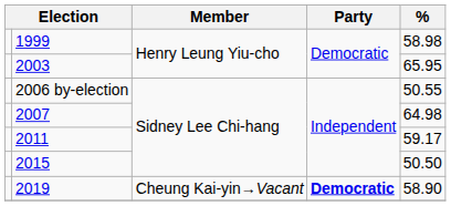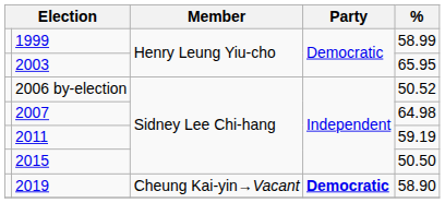 <table class="wikitable">
 <tr>
 <th colspan="2">Election</th>
 <th>Member</th>
 <th>Party</th>
 <th>%</th>
 </tr>
 <tr>
 <td style="background-color: "></td>
 <td><a href='#'>1999</a></td>
 <td rowspan=2>Henry Leung Yiu-cho</td>
 <td rowspan=2><a href='#'>Democratic</a></td>
-<td>58.98</td>
+<td>58.99</td>
 </tr>
 <tr>
 <td style="background-color: "></td>
 <td><a href='#'>2003</a></td>
 <td>65.95</td>
 </tr>
 <tr>
 <td style="background-color: "></td>
 <td>2006 by-election</td>
 <td rowspan=4>Sidney Lee Chi-hang</td>
 <td rowspan=4><a href='#'>Independent</a></td>
-<td>50.55</td>
+<td>50.52</td>
 </tr>
 <tr>
 <td style="background-color: "></td>
 <td><a href='#'>2007</a></td>
 <td>64.98</td>
 </tr>
 <tr>
 <td style="background-color: "></td>
 <td><a href='#'>2011</a></td>
-<td>59.17</td>
+<td>59.19</td>
 </tr>
 <tr>
 <td style="background-color: "></td>
 <td><a href='#'>2015</a></td>
 <td>50.50</td>
 </tr>
 <tr>
 <td style="background-color: "></td>
 <td><a href='#'>2019</a></td>
 <td>Cheung Kai-yin→<em>Vacant</em></td>
 <td><strong><a href='#'>Democratic</a></strong></td>
 <td>58.90</td>
 </tr>
 <tr>
 </tr>
 </table>
